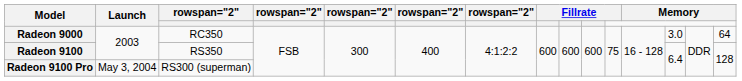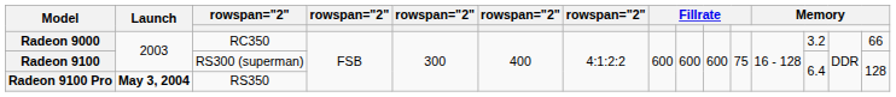 <table class="mw-datatable wikitable sortable" style="font-size:85%; text-align:center;">
 <tr>
 <th rowspan="2">Model</th>
 <th rowspan="2">Launch</th>
 <th>rowspan="2" </th>
 <th>rowspan="2" </th>
 <th>rowspan="2" </th>
 <th>rowspan="2" </th>
 <th>rowspan="2" </th>
 <th colspan="4"><a href='#'>Fillrate</a></th>
 <th colspan="4">Memory</th>
 </tr>
 <tr>
 <th></th>
 <th></th>
 <th></th>
 <th></th>
 <th></th>
 <th></th>
 <th></th>
 <th></th>
 </tr>
 <tr>
 <th>Radeon 9000</th>
 <td rowspan="2">2003</td>
 <td>RC350</td>
 <td rowspan="3">FSB</td>
 <td rowspan="3">300</td>
 <td rowspan="3">400</td>
 <td rowspan="3">4:1:2:2</td>
 <td rowspan="3">600</td>
 <td rowspan="3">600</td>
 <td rowspan="3">600</td>
 <td rowspan="3">75</td>
 <td rowspan="3">16 - 128</td>
-<td>3.0</td>
+<td>3.2</td>
 <td rowspan="3">DDR</td>
-<td>64</td>
+<td>66</td>
 </tr>
 <tr>
 <th>Radeon 9100</th>
-<td>RS350</td>
+<td>RS300 (superman)</td>
 <td rowspan="2">6.4</td>
 <td rowspan="2">128</td>
 </tr>
 <tr>
 <th>Radeon 9100 Pro</th>
-<td>May 3, 2004</td>
-<td>RS300 (superman)</td>
+<td><strong>May 3, 2004</strong></td>
+<td>RS350</td>
 </tr>
 </table>
